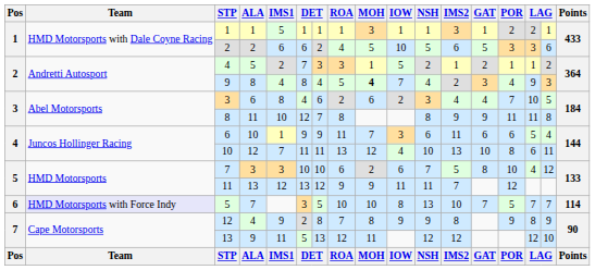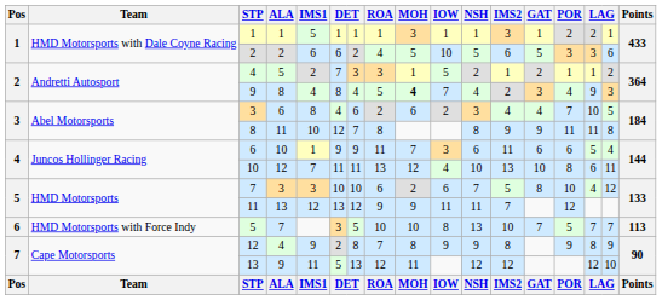 <table class="wikitable" style="font-size: 85%; text-align:center">
 <tr>
 <th>Pos</th>
 <th>Team</th>
 <th><a href='#'>STP</a></th>
 <th><a href='#'>ALA</a></th>
 <th><a href='#'>IMS1</a></th>
 <th colspan="2"><a href='#'>DET</a></th>
 <th><a href='#'>ROA</a></th>
 <th><a href='#'>MOH</a></th>
 <th><a href='#'>IOW</a></th>
 <th><a href='#'>NSH</a></th>
 <th><a href='#'>IMS2</a></th>
 <th><a href='#'>GAT</a></th>
 <th><a href='#'>POR</a></th>
 <th colspan="2"><a href='#'>LAG</a></th>
 <th>Points</th>
 </tr>
 <tr>
 <th rowspan="2">1</th>
 <td rowspan="2" align="left"><a href='#'>HMD Motorsports</a> with <a href='#'>Dale Coyne Racing</a></td>
 <td style="background:#FFFFBF;">1</td>
 <td style="background:#FFFFBF;">1</td>
 <td style="background:#DFFFDF;">5</td>
 <td style="background:#FFFFBF;">1</td>
 <td style="background:#FFFFBF;">1</td>
 <td style="background:#FFFFBF;">1</td>
 <td style="background:#FFDF9F;">3</td>
 <td style="background:#FFFFBF;">1</td>
 <td style="background:#FFFFBF;">1</td>
 <td style="background:#FFDF9F;">3</td>
 <td style="background:#FFFFBF;">1</td>
 <td style="background:#DFDFDF;">2</td>
 <td style="background:#DFDFDF;">2</td>
 <td style="background:#FFFFBF;">1</td>
 <th rowspan="2">433</th>
 </tr>
 <tr>
 <td style="background:#DFDFDF;">2</td>
 <td style="background:#DFDFDF;">2</td>
 <td style="background:#CFEAFF;">6</td>
 <td style="background:#CFEAFF;">6</td>
 <td style="background:#DFDFDF;">2</td>
 <td style="background:#DFFFDF;">4</td>
 <td style="background:#DFFFDF;">5</td>
 <td style="background:#CFEAFF;">10</td>
 <td style="background:#DFFFDF;">5</td>
 <td style="background:#CFEAFF;">6</td>
 <td style="background:#DFFFDF;">5</td>
 <td style="background:#FFDF9F;">3</td>
 <td style="background:#FFDF9F;">3</td>
 <td style="background:#CFEAFF;">6</td>
 </tr>
 <tr>
 <th rowspan="2">2</th>
 <td rowspan="2" align="left"><a href='#'>Andretti Autosport</a></td>
 <td style="background:#DFFFDF;">4</td>
 <td style="background:#DFFFDF;">5</td>
 <td style="background:#DFDFDF;">2</td>
 <td style="background:#CFEAFF;">7</td>
 <td style="background:#FFDF9F;">3</td>
 <td style="background:#FFDF9F;">3</td>
 <td style="background:#FFFFBF;">1</td>
 <td style="background:#DFFFDF;">5</td>
 <td style="background:#DFDFDF;">2</td>
 <td style="background:#FFFFBF;">1</td>
 <td style="background:#DFDFDF;">2</td>
 <td style="background:#FFFFBF;">1</td>
 <td style="background:#FFFFBF;">1</td>
 <td style="background:#DFDFDF;">2</td>
 <th rowspan="2">364</th>
 </tr>
 <tr>
 <td style="background:#CFEAFF;">9</td>
 <td style="background:#CFEAFF;">8</td>
 <td style="background:#DFFFDF;">4</td>
 <td style="background:#CFEAFF;">8</td>
 <td style="background:#DFFFDF;">4</td>
 <td style="background:#DFFFDF;">5</td>
 <td style="background:#DFFFDF;"><strong>4</strong></td>
 <td style="background:#CFEAFF;">7</td>
 <td style="background:#DFFFDF;">4</td>
 <td style="background:#DFDFDF;">2</td>
 <td style="background:#FFDF9F;">3</td>
 <td style="background:#DFFFDF;">4</td>
 <td style="background:#CFEAFF;">9</td>
 <td style="background:#FFDF9F;">3</td>
 </tr>
 <tr>
 <th rowspan="2">3</th>
 <td rowspan="2" align="left"><a href='#'>Abel Motorsports</a></td>
 <td style="background:#FFDF9F;">3</td>
 <td style="background:#CFEAFF;">6</td>
 <td style="background:#CFEAFF;">8</td>
 <td style="background:#DFFFDF;">4</td>
 <td style="background:#CFEAFF;">6</td>
 <td style="background:#DFDFDF;">2</td>
 <td style="background:#CFEAFF;">6</td>
 <td style="background:#DFDFDF;">2</td>
 <td style="background:#FFDF9F;">3</td>
 <td style="background:#DFFFDF;">4</td>
 <td style="background:#DFFFDF;">4</td>
 <td style="background:#CFEAFF;">7</td>
 <td style="background:#CFEAFF;">10</td>
 <td style="background:#DFFFDF;">5</td>
 <th rowspan="2">184</th>
 </tr>
 <tr>
 <td style="background:#CFEAFF;">8</td>
 <td style="background:#CFEAFF;">11</td>
 <td style="background:#CFEAFF;">10</td>
 <td style="background:#CFEAFF;">12</td>
 <td style="background:#CFEAFF;">7</td>
 <td style="background:#CFEAFF;">8</td>
 <td></td>
 <td></td>
 <td style="background:#CFEAFF;">8</td>
 <td style="background:#CFEAFF;">9</td>
 <td style="background:#CFEAFF;">9</td>
 <td style="background:#CFEAFF;">11</td>
 <td style="background:#CFEAFF;">11</td>
 <td style="background:#CFEAFF;">8</td>
 </tr>
 <tr>
 <th rowspan="2">4</th>
 <td rowspan="2" align="left"><a href='#'>Juncos Hollinger Racing</a></td>
 <td style="background:#CFEAFF;">6</td>
 <td style="background:#CFEAFF;">10</td>
 <td style="background:#FFFFBF;">1</td>
 <td style="background:#CFEAFF;">9</td>
 <td style="background:#CFEAFF;">9</td>
 <td style="background:#CFEAFF;">11</td>
 <td style="background:#CFEAFF;">7</td>
 <td style="background:#FFDF9F;">3</td>
 <td style="background:#CFEAFF;">6</td>
 <td style="background:#CFEAFF;">11</td>
 <td style="background:#CFEAFF;">6</td>
 <td style="background:#CFEAFF;">6</td>
 <td style="background:#DFFFDF;">5</td>
 <td style="background:#DFFFDF;">4</td>
 <th rowspan="2">144</th>
 </tr>
 <tr>
 <td style="background:#CFEAFF;">10</td>
 <td style="background:#CFEAFF;">12</td>
 <td style="background:#CFEAFF;">7</td>
 <td style="background:#CFEAFF;">11</td>
 <td style="background:#CFEAFF;">11</td>
 <td style="background:#CFEAFF;">13</td>
 <td style="background:#CFEAFF;">12</td>
 <td style="background:#DFFFDF;">4</td>
 <td style="background:#CFEAFF;">10</td>
 <td style="background:#CFEAFF;">13</td>
 <td style="background:#CFEAFF;">10</td>
 <td style="background:#CFEAFF;">8</td>
 <td style="background:#CFEAFF;">6</td>
 <td style="background:#CFEAFF;">11</td>
 </tr>
 <tr>
 <th rowspan="2">5</th>
 <td rowspan="2" align="left"><a href='#'>HMD Motorsports</a></td>
 <td style="background:#CFEAFF;">7</td>
 <td style="background:#FFDF9F;">3</td>
 <td style="background:#FFDF9F;">3</td>
 <td style="background:#CFEAFF;">10</td>
 <td style="background:#CFEAFF;">10</td>
 <td style="background:#CFEAFF;">6</td>
 <td style="background:#DFDFDF;">2</td>
 <td style="background:#CFEAFF;">6</td>
 <td style="background:#CFEAFF;">7</td>
 <td style="background:#DFFFDF;">5</td>
 <td style="background:#CFEAFF;">8</td>
 <td style="background:#CFEAFF;">10</td>
 <td style="background:#DFFFDF;">4</td>
 <td style="background:#CFEAFF;">12</td>
 <th rowspan="2">133</th>
 </tr>
 <tr>
 <td style="background:#CFEAFF;">11</td>
 <td style="background:#CFEAFF;">13</td>
 <td style="background:#CFEAFF;">12</td>
 <td style="background:#CFEAFF;">13</td>
 <td style="background:#CFEAFF;">12</td>
 <td style="background:#CFEAFF;">9</td>
 <td style="background:#CFEAFF;">9</td>
 <td style="background:#CFEAFF;">11</td>
 <td style="background:#CFEAFF;">11</td>
 <td style="background:#CFEAFF;">7</td>
 <td></td>
 <td style="background:#CFEAFF;">12</td>
 <td></td>
 <td></td>
 </tr>
 <tr>
 <th>6</th>
-<td align="left" style="background: lavender;"><a href='#'>HMD Motorsports</a> with Force Indy</td>
+<td align="left"><a href='#'>HMD Motorsports</a> with Force Indy</td>
 <td style="background:#DFFFDF;">5</td>
 <td style="background:#CFEAFF;">7</td>
 <td></td>
 <td style="background:#FFDF9F;">3</td>
 <td style="background:#DFFFDF;">5</td>
 <td style="background:#CFEAFF;">10</td>
 <td style="background:#CFEAFF;">10</td>
 <td style="background:#CFEAFF;">8</td>
 <td style="background:#CFEAFF;">13</td>
 <td style="background:#CFEAFF;">10</td>
 <td style="background:#CFEAFF;">7</td>
 <td style="background:#DFFFDF;">5</td>
 <td style="background:#CFEAFF;">7</td>
 <td style="background:#CFEAFF;">7</td>
-<th>114</th>
+<th>113</th>
 </tr>
 <tr>
 <th rowspan="2">7</th>
 <td rowspan="2" align="left"><a href='#'>Cape Motorsports</a></td>
 <td style="background:#CFEAFF;">12</td>
 <td style="background:#DFFFDF;">4</td>
 <td style="background:#CFEAFF;">9</td>
 <td style="background:#DFDFDF;">2</td>
 <td style="background:#CFEAFF;">8</td>
 <td style="background:#CFEAFF;">7</td>
 <td style="background:#CFEAFF;">8</td>
 <td style="background:#CFEAFF;">9</td>
 <td style="background:#CFEAFF;">9</td>
 <td style="background:#CFEAFF;">8</td>
 <td></td>
 <td style="background:#CFEAFF;">9</td>
 <td style="background:#CFEAFF;">8</td>
 <td style="background:#CFEAFF;">9</td>
 <th rowspan="2">90</th>
 </tr>
 <tr>
 <td style="background:#CFEAFF;">13</td>
 <td style="background:#CFEAFF;">9</td>
 <td style="background:#CFEAFF;">11</td>
 <td style="background:#DFFFDF;">5</td>
 <td style="background:#CFEAFF;">13</td>
 <td style="background:#CFEAFF;">12</td>
 <td style="background:#CFEAFF;">11</td>
 <td></td>
 <td style="background:#CFEAFF;">12</td>
 <td style="background:#CFEAFF;">12</td>
 <td></td>
 <td></td>
 <td style="background:#CFEAFF;">12</td>
 <td style="background:#CFEAFF;">10</td>
 </tr>
 <tr>
 <th>Pos</th>
 <th>Team</th>
 <th><a href='#'>STP</a></th>
 <th><a href='#'>ALA</a></th>
 <th><a href='#'>IMS1</a></th>
 <th colspan="2"><a href='#'>DET</a></th>
 <th><a href='#'>ROA</a></th>
 <th><a href='#'>MOH</a></th>
 <th><a href='#'>IOW</a></th>
 <th><a href='#'>NSH</a></th>
 <th><a href='#'>IMS2</a></th>
 <th><a href='#'>GAT</a></th>
 <th><a href='#'>POR</a></th>
 <th colspan="2"><a href='#'>LAG</a></th>
 <th>Points</th>
 </tr>
 </table>
